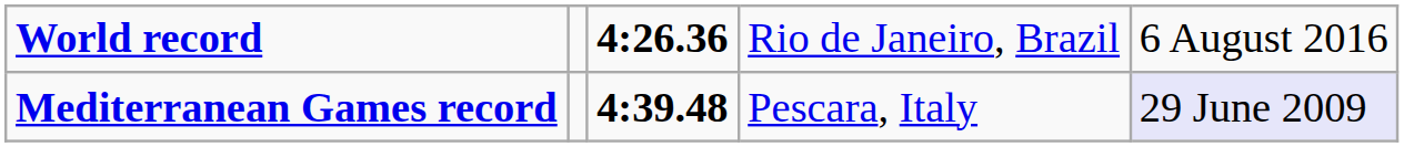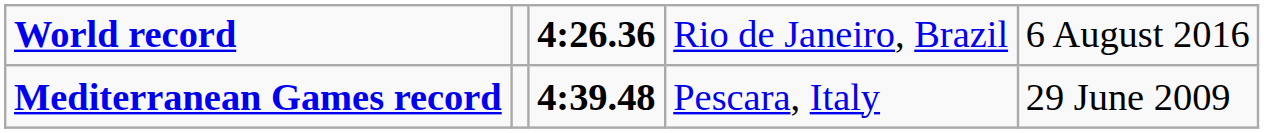 <table class="wikitable">
 <tr>
 <td><strong><a href='#'>World record</a></strong></td>
 <td></td>
 <td><strong>4:26.36</strong></td>
 <td><a href='#'>Rio de Janeiro</a>, <a href='#'>Brazil</a></td>
 <td>6 August 2016</td>
 </tr>
 <tr>
 <td><strong><a href='#'>Mediterranean Games record</a></strong></td>
 <td></td>
 <td><strong>4:39.48</strong></td>
 <td><a href='#'>Pescara</a>, <a href='#'>Italy</a></td>
-<td style="background: lavender;">29 June 2009</td>
+<td>29 June 2009</td>
 </tr>
 </table>
